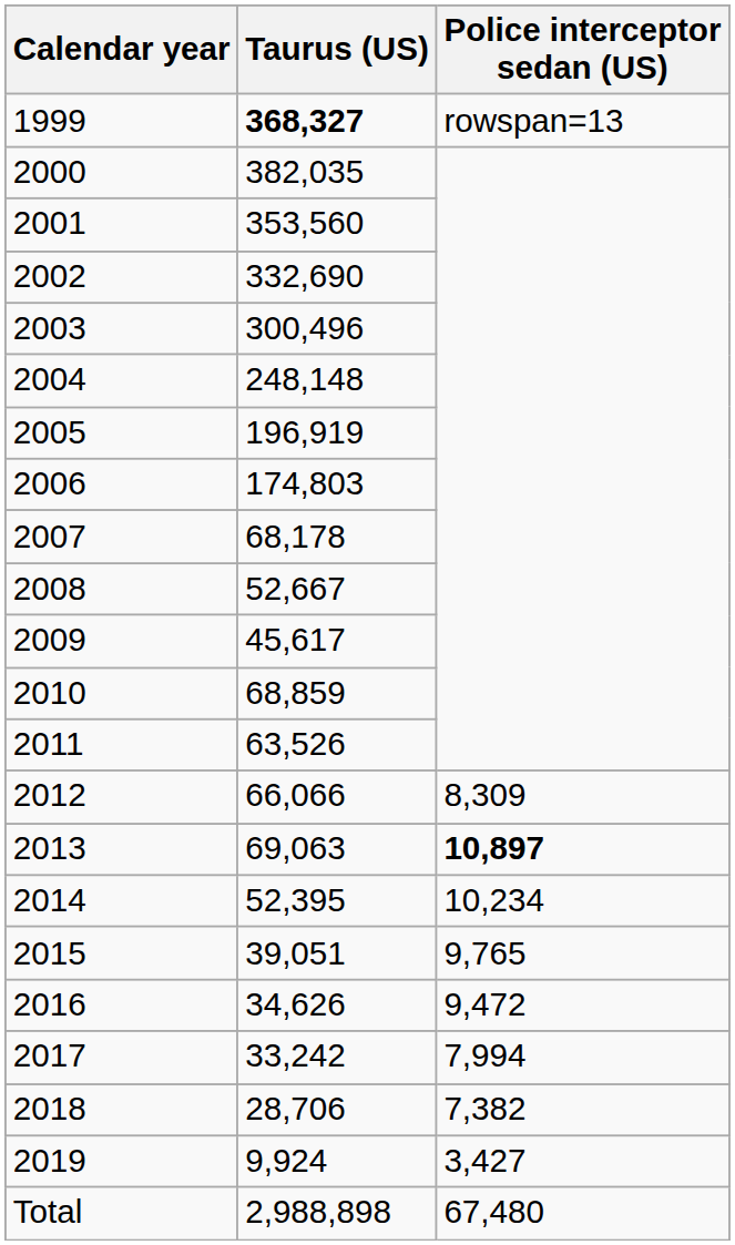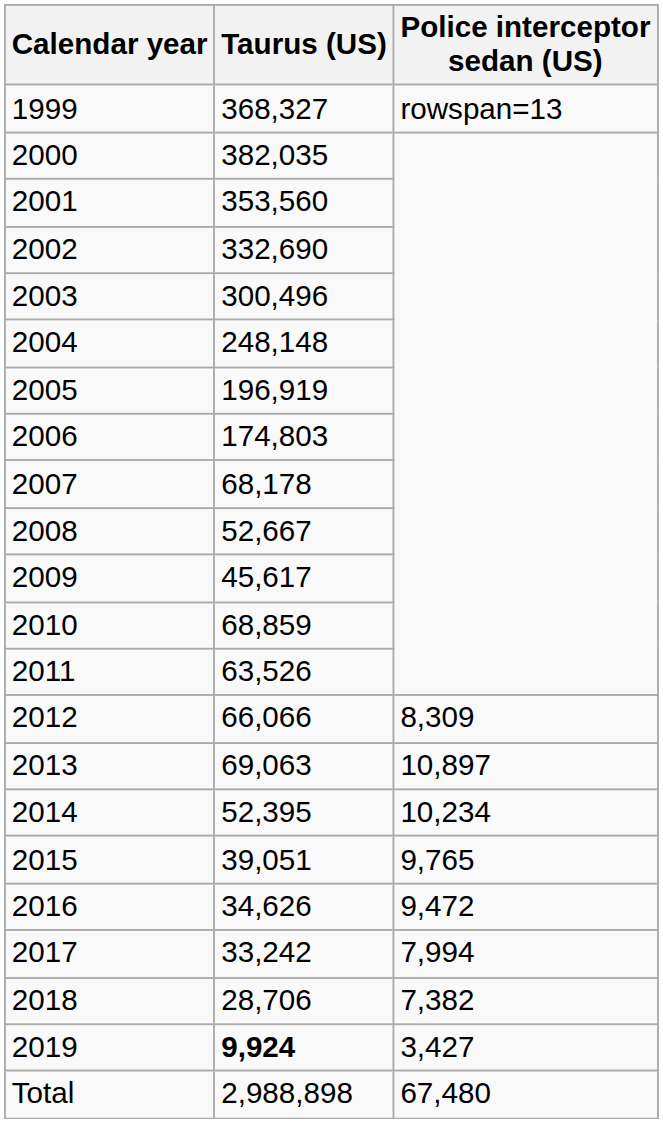 <table class="wikitable">
 <tr>
 <th>Calendar year</th>
 <th>Taurus (US)</th>
 <th>Police interceptor<br>sedan (US)</th>
 </tr>
 <tr>
 <td>1999</td>
-<td><strong>368,327</strong></td>
+<td>368,327</td>
 <td>rowspan=13 </td>
 </tr>
 <tr>
 <td>2000</td>
 <td>382,035</td>
 </tr>
 <tr>
 <td>2001</td>
 <td>353,560</td>
 </tr>
 <tr>
 <td>2002</td>
 <td>332,690</td>
 </tr>
 <tr>
 <td>2003</td>
 <td>300,496</td>
 </tr>
 <tr>
 <td>2004</td>
 <td>248,148</td>
 </tr>
 <tr>
 <td>2005</td>
 <td>196,919</td>
 </tr>
 <tr>
 <td>2006</td>
 <td>174,803</td>
 </tr>
 <tr>
 <td>2007</td>
 <td>68,178</td>
 </tr>
 <tr>
 <td>2008</td>
 <td>52,667</td>
 </tr>
 <tr>
 <td>2009</td>
 <td>45,617</td>
 </tr>
 <tr>
 <td>2010</td>
 <td>68,859</td>
 </tr>
 <tr>
 <td>2011</td>
 <td>63,526</td>
 </tr>
 <tr>
 <td>2012</td>
 <td>66,066</td>
 <td>8,309</td>
 </tr>
 <tr>
 <td>2013</td>
 <td>69,063</td>
-<td><strong>10,897</strong></td>
+<td>10,897</td>
 </tr>
 <tr>
 <td>2014</td>
 <td>52,395</td>
 <td>10,234</td>
 </tr>
 <tr>
 <td>2015</td>
 <td>39,051</td>
 <td>9,765</td>
 </tr>
 <tr>
 <td>2016</td>
 <td>34,626</td>
 <td>9,472</td>
 </tr>
 <tr>
 <td>2017</td>
 <td>33,242</td>
 <td>7,994</td>
 </tr>
 <tr>
 <td>2018</td>
 <td>28,706</td>
 <td>7,382</td>
 </tr>
 <tr>
 <td>2019</td>
-<td>9,924</td>
+<td><strong>9,924</strong></td>
 <td>3,427</td>
 </tr>
 <tr>
 <td>Total</td>
 <td>2,988,898</td>
 <td>67,480</td>
 </tr>
 </table>
